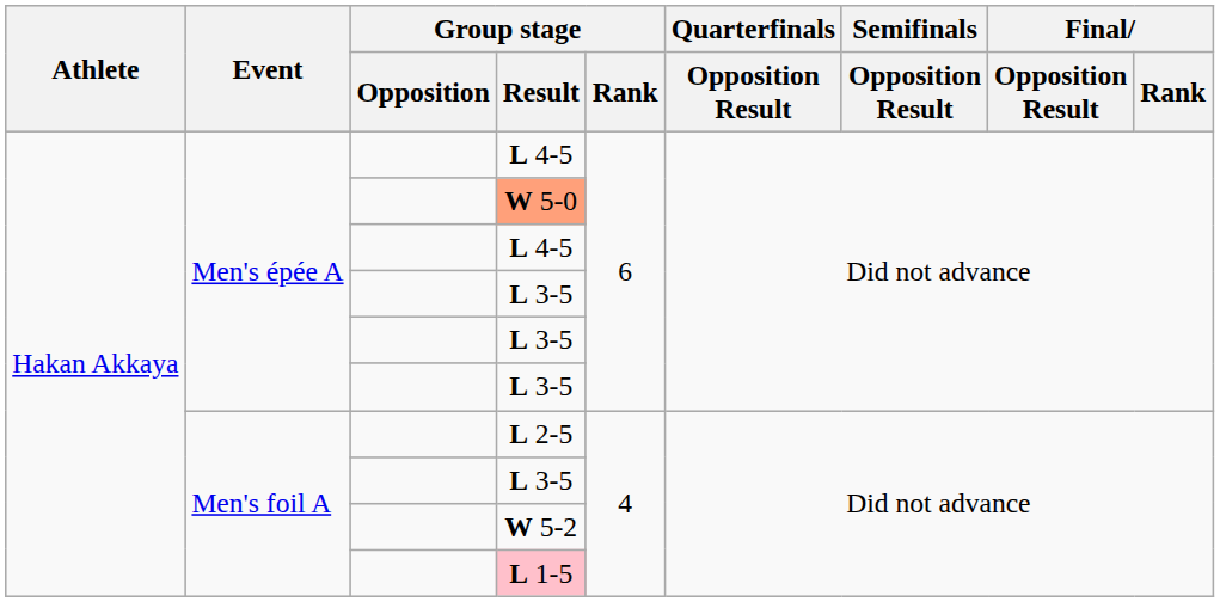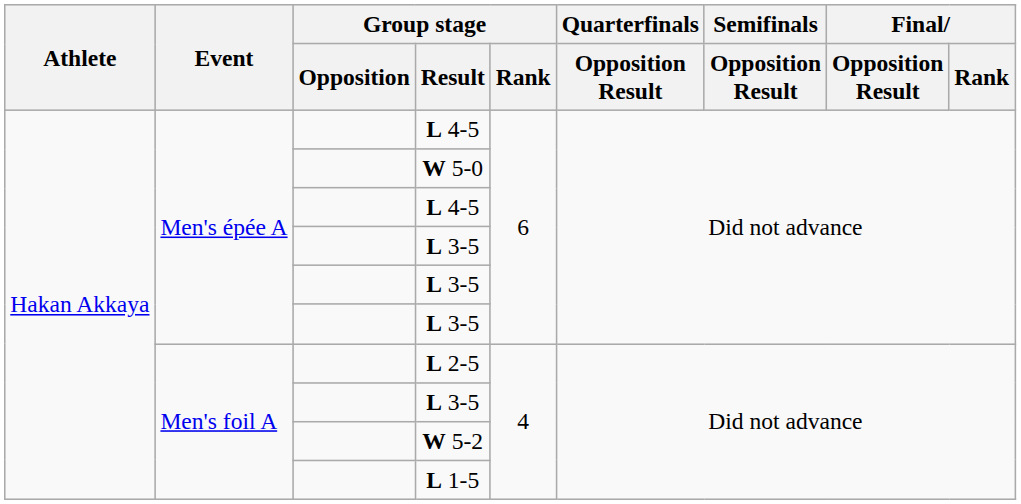 <table class=wikitable style="text-align: center; font-size:95%">
 <tr>
 <th rowspan="2">Athlete</th>
 <th rowspan="2">Event</th>
 <th colspan="3">Group stage</th>
 <th>Quarterfinals</th>
 <th>Semifinals</th>
 <th colspan="2">Final/</th>
 </tr>
 <tr>
 <th>Opposition</th>
 <th>Result</th>
 <th>Rank</th>
 <th>Opposition<br>Result</th>
 <th>Opposition<br>Result</th>
 <th>Opposition<br>Result</th>
 <th>Rank</th>
 </tr>
 <tr align=center>
 <td align=left rowspan=10><a href='#'>Hakan Akkaya</a></td>
 <td align=left rowspan=6><a href='#'>Men's épée A</a></td>
 <td align=left></td>
 <td><strong>L</strong> 4-5</td>
 <td rowspan=6>6</td>
 <td colspan="4" rowspan="6">Did not advance</td>
 </tr>
 <tr>
 <td align=left></td>
-<td style="background: lightsalmon;"><strong>W</strong> 5-0</td>
+<td><strong>W</strong> 5-0</td>
 </tr>
 <tr>
 <td align=left></td>
 <td><strong>L</strong> 4-5</td>
 </tr>
 <tr>
 <td align=left></td>
 <td><strong>L</strong> 3-5</td>
 </tr>
 <tr>
 <td align=left></td>
 <td><strong>L</strong> 3-5</td>
 </tr>
 <tr align=center>
 <td align=left></td>
 <td><strong>L</strong> 3-5</td>
 </tr>
 <tr align=center>
 <td align=left rowspan=4><a href='#'>Men's foil A</a></td>
 <td align=left></td>
 <td><strong>L</strong> 2-5</td>
 <td rowspan=4>4</td>
 <td colspan="4" rowspan="4">Did not advance</td>
 </tr>
 <tr>
 <td align=left></td>
 <td><strong>L</strong> 3-5</td>
 </tr>
 <tr>
 <td align=left></td>
 <td><strong>W</strong> 5-2</td>
 </tr>
 <tr>
 <td align=left></td>
-<td style="background: pink;"><strong>L</strong> 1-5</td>
+<td><strong>L</strong> 1-5</td>
 </tr>
 </table>
